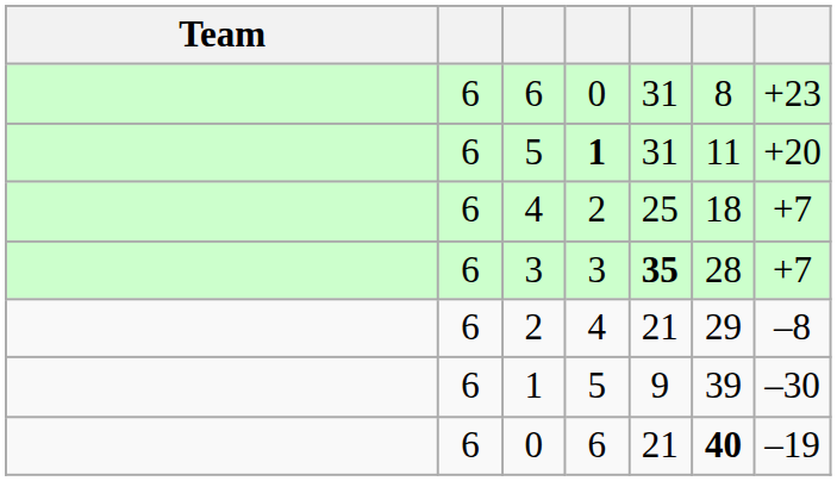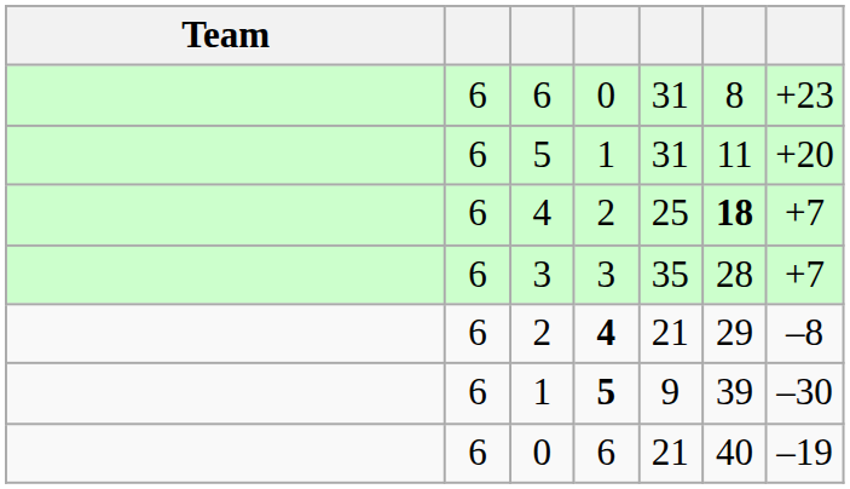 <table class=wikitable style=text-align:center>
 <tr>
 <th width=180>Team</th>
 <th width=20></th>
 <th width=20></th>
 <th width=20></th>
 <th width=20></th>
 <th width=20></th>
 <th width=20></th>
 </tr>
 <tr style="background-color:#ccffcc;">
 <td style="text-align:left;"></td>
 <td>6</td>
 <td>6</td>
 <td>0</td>
 <td>31</td>
 <td>8</td>
 <td>+23</td>
 </tr>
 <tr style="background-color:#ccffcc;">
 <td style="text-align:left;"></td>
 <td>6</td>
 <td>5</td>
-<td><strong>1</strong></td>
+<td>1</td>
 <td>31</td>
 <td>11</td>
 <td>+20</td>
 </tr>
 <tr style="background-color:#ccffcc;">
 <td style="text-align:left;"></td>
 <td>6</td>
 <td>4</td>
 <td>2</td>
 <td>25</td>
-<td>18</td>
+<td><strong>18</strong></td>
 <td>+7</td>
 </tr>
 <tr style="background-color:#ccffcc;">
 <td style="text-align:left;"></td>
 <td>6</td>
 <td>3</td>
 <td>3</td>
-<td><strong>35</strong></td>
+<td>35</td>
 <td>28</td>
 <td>+7</td>
 </tr>
 <tr>
 <td style="text-align:left;"></td>
 <td>6</td>
 <td>2</td>
-<td>4</td>
+<td><strong>4</strong></td>
 <td>21</td>
 <td>29</td>
 <td>–8</td>
 </tr>
 <tr>
 <td style="text-align:left;"></td>
 <td>6</td>
 <td>1</td>
-<td>5</td>
+<td><strong>5</strong></td>
 <td>9</td>
 <td>39</td>
 <td>–30</td>
 </tr>
 <tr>
 <td style="text-align:left;"></td>
 <td>6</td>
 <td>0</td>
 <td>6</td>
 <td>21</td>
-<td><strong>40</strong></td>
+<td>40</td>
 <td>–19</td>
 </tr>
 </table>
